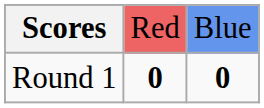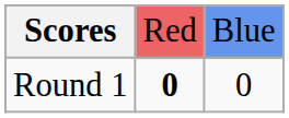 <table class="wikitable" style="text-align:center">
 <tr>
 <th>Scores</th>
 <td bgcolor="#EE6363">Red</td>
 <td bgcolor="#6495ED">Blue</td>
 </tr>
 <tr>
 <td>Round 1</td>
 <td><strong>0</strong></td>
-<td><strong>0</strong></td>
+<td>0</td>
 </tr>
 </table>
